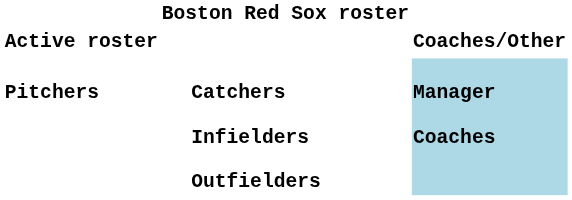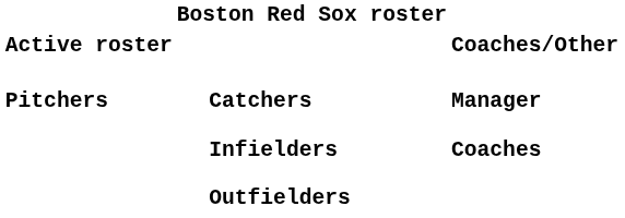 <table class="toccolours" style="font-size: 95%;">
 <tr>
 <th colspan="10">Boston Red Sox roster</th>
 </tr>
 <tr>
 <td colspan="4"><strong>Active roster</strong></td>
 <td colspan="1"><strong>Coaches/Other</strong></td>
 </tr>
 <tr>
 <td style="vertical-align:top;"><br><strong>Pitchers</strong><br>             </td>
 <td width="50px"> </td>
 <td style="vertical-align:top;"><br><strong>Catchers</strong><br>  <br><strong>Infielders</strong><br>       <br><strong>Outfielders</strong><br>    </td>
 <td width="50"> </td>
-<td style="background: lightblue; vertical-align:top;"><br><strong>Manager</strong><br> <br><strong>Coaches</strong><br>        </td>
+<td style="vertical-align:top;"><br><strong>Manager</strong><br> <br><strong>Coaches</strong><br>        </td>
 </tr>
 </table>
